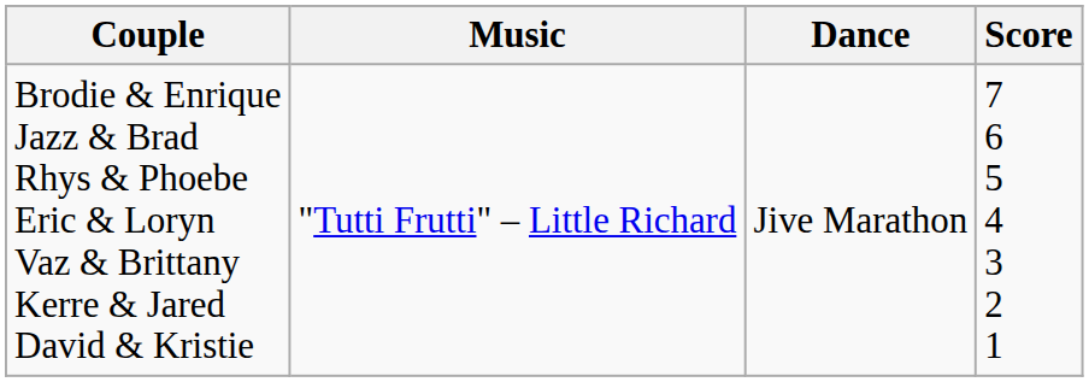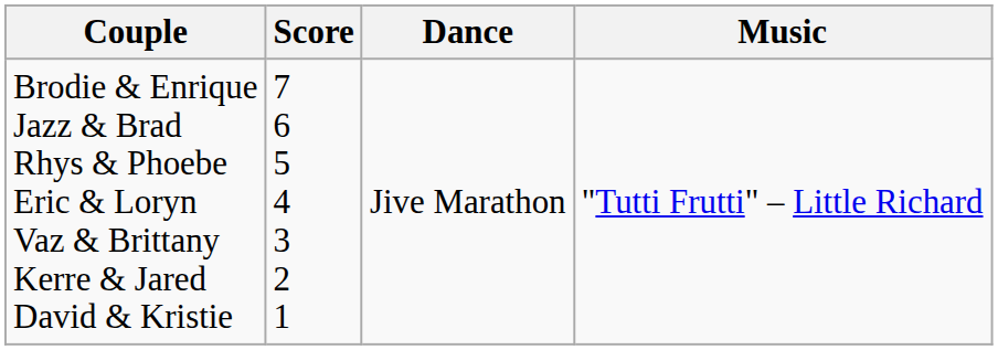 <table class="wikitable sortable">
 <tr>
 <th rowspan="1">Couple</th>
+<th colspan="1">Score</th>
+<th rowspan="1">Dance</th>
 <th rowspan="1">Music</th>
-<th rowspan="1">Dance</th>
-<th colspan="1">Score</th>
 </tr>
 <tr>
 <td>Brodie & Enrique<br>Jazz & Brad<br>Rhys & Phoebe<br>Eric & Loryn<br>Vaz & Brittany<br>Kerre & Jared<br>David & Kristie</td>
+<td>7<br>6<br>5<br>4<br>3<br>2<br>1</td>
+<td>Jive Marathon</td>
 <td>"<a href='#'>Tutti Frutti</a>" – <a href='#'>Little Richard</a></td>
-<td>Jive Marathon</td>
-<td>7<br>6<br>5<br>4<br>3<br>2<br>1</td>
 </tr>
 </table>
